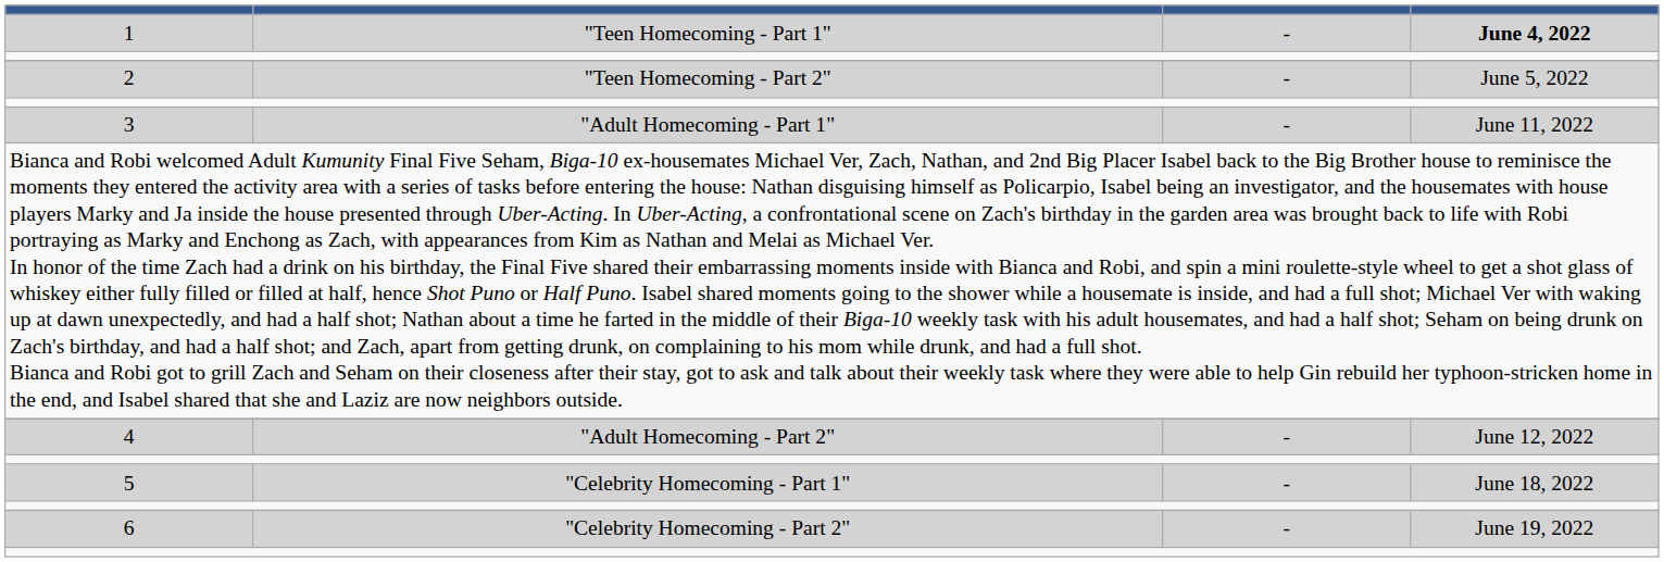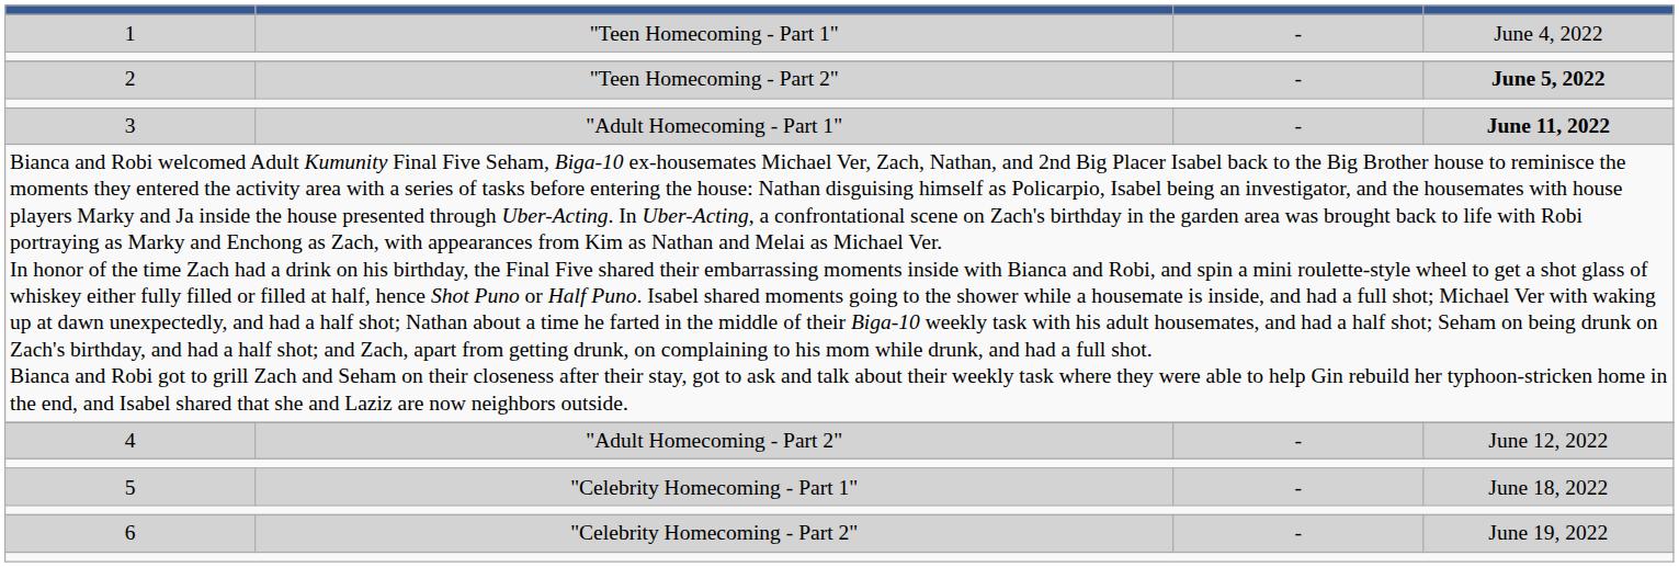 <table class="wikitable sortable" style="font-size:100%; line-height:20px; text-align:center">
 <tr>
 <th width="15%" style="background:#34588F"></th>
 <th width="55%" style="background:#34588F"></th>
 <th width="15%" style="background:#34588F"></th>
 <th width="15%" style="background:#34588F"></th>
 </tr>
 <tr style="background:lightgrey;">
 <td>1</td>
 <td>"Teen Homecoming - Part 1"</td>
 <td>-</td>
-<td><strong>June 4, 2022</strong></td>
+<td>June 4, 2022</td>
 </tr>
 <tr>
 <td colspan="4" align="left"></td>
 </tr>
 <tr>
 </tr>
 <tr style="background:lightgrey;">
 <td>2</td>
 <td>"Teen Homecoming - Part 2"</td>
 <td>-</td>
-<td>June 5, 2022</td>
+<td><strong>June 5, 2022</strong></td>
 </tr>
 <tr>
 <td colspan="4" align="left"></td>
 </tr>
 <tr style="background:lightgrey;">
 <td>3</td>
 <td>"Adult Homecoming - Part 1"</td>
 <td>-</td>
-<td>June 11, 2022</td>
+<td><strong>June 11, 2022</strong></td>
 </tr>
 <tr>
 <td colspan="4" align="left">Bianca and Robi welcomed Adult <em>Kumunity</em> Final Five Seham, <em>Biga-10</em> ex-housemates Michael Ver, Zach, Nathan, and 2nd Big Placer Isabel back to the Big Brother house to reminisce the moments they entered the activity area with a series of tasks before entering the house: Nathan disguising himself as Policarpio, Isabel being an investigator, and the housemates with house players Marky and Ja inside the house presented through <em>Uber-Acting</em>. In <em>Uber-Acting</em>, a confrontational scene on Zach's birthday in the garden area was brought back to life with Robi portraying as Marky and Enchong as Zach, with appearances from Kim as Nathan and Melai as Michael Ver.<br>In honor of the time Zach had a drink on his birthday, the Final Five shared their embarrassing moments inside with Bianca and Robi, and spin a mini roulette-style wheel to get a shot glass of whiskey either fully filled or filled at half, hence <em>Shot Puno</em> or <em>Half Puno</em>. Isabel shared moments going to the shower while a housemate is inside, and had a full shot; Michael Ver with waking up at dawn unexpectedly, and had a half shot; Nathan about a time he farted in the middle of their <em>Biga-10</em> weekly task with his adult housemates, and had a half shot; Seham on being drunk on Zach's birthday, and had a half shot; and Zach, apart from getting drunk, on complaining to his mom while drunk, and had a full shot.<br>Bianca and Robi got to grill Zach and Seham on their closeness after their stay, got to ask and talk about their weekly task where they were able to help Gin rebuild her typhoon-stricken home in the end, and Isabel shared that she and Laziz are now neighbors outside.</td>
 </tr>
 <tr>
 </tr>
 <tr style="background:lightgrey;">
 <td>4</td>
 <td>"Adult Homecoming - Part 2"</td>
 <td>-</td>
 <td>June 12, 2022</td>
 </tr>
 <tr>
 <td colspan="4" align="left"></td>
 </tr>
 <tr style="background:lightgrey;">
 <td>5</td>
 <td>"Celebrity Homecoming - Part 1"</td>
 <td>-</td>
 <td>June 18, 2022</td>
 </tr>
 <tr>
 <td colspan="4" align="left"></td>
 </tr>
 <tr>
 </tr>
 <tr style="background:lightgrey;">
 <td>6</td>
 <td>"Celebrity Homecoming - Part 2"</td>
 <td>-</td>
 <td>June 19, 2022</td>
 </tr>
 <tr>
 <td colspan="4" align="left"></td>
 </tr>
 </table>
